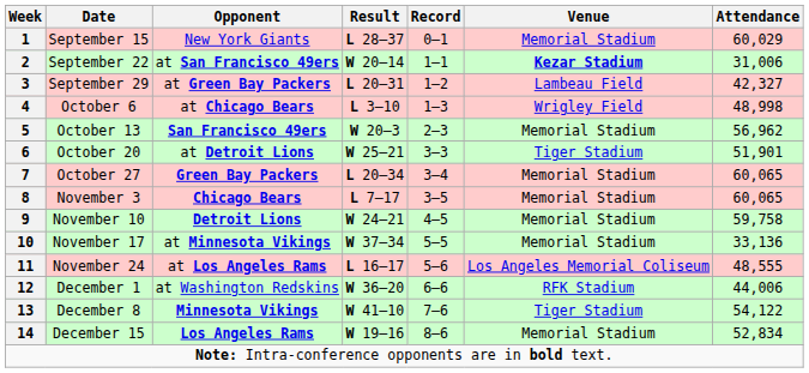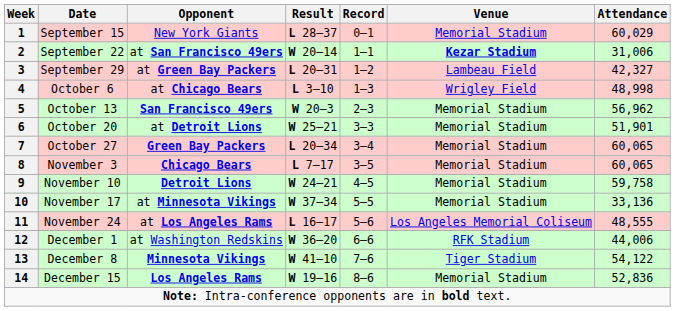 <table class="wikitable" style="text-align:center">
 <tr>
 <th>Week</th>
 <th>Date</th>
 <th>Opponent</th>
 <th>Result</th>
 <th>Record</th>
 <th>Venue</th>
 <th>Attendance</th>
 </tr>
 <tr style="background:#fcc">
 <th>1</th>
 <td>September 15</td>
 <td><a href='#'>New York Giants</a></td>
 <td><strong>L</strong> 28–37</td>
 <td>0–1</td>
 <td><a href='#'>Memorial Stadium</a></td>
 <td>60,029</td>
 </tr>
 <tr style="background:#cfc">
 <th>2</th>
 <td>September 22</td>
 <td>at <strong><a href='#'>San Francisco 49ers</a></strong></td>
 <td><strong>W</strong> 20–14</td>
 <td>1–1</td>
 <td><strong><a href='#'>Kezar Stadium</a></strong></td>
 <td>31,006</td>
 </tr>
 <tr style="background:#fcc">
 <th>3</th>
 <td>September 29</td>
 <td>at <strong><a href='#'>Green Bay Packers</a></strong></td>
 <td><strong>L</strong> 20–31</td>
 <td>1–2</td>
 <td><a href='#'>Lambeau Field</a></td>
 <td>42,327</td>
 </tr>
 <tr style="background:#fcc">
 <th>4</th>
 <td>October 6</td>
 <td>at <strong><a href='#'>Chicago Bears</a></strong></td>
 <td><strong>L</strong> 3–10</td>
 <td>1–3</td>
 <td><a href='#'>Wrigley Field</a></td>
 <td>48,998</td>
 </tr>
 <tr style="background:#cfc">
 <th>5</th>
 <td>October 13</td>
 <td><strong><a href='#'>San Francisco 49ers</a></strong></td>
 <td><strong>W</strong> 20–3</td>
 <td>2–3</td>
 <td>Memorial Stadium</td>
 <td>56,962</td>
 </tr>
 <tr style="background:#cfc">
 <th>6</th>
 <td>October 20</td>
 <td>at <strong><a href='#'>Detroit Lions</a></strong></td>
 <td><strong>W</strong> 25–21</td>
 <td>3–3</td>
-<td><a href='#'>Tiger Stadium</a></td>
+<td>Memorial Stadium</td>
 <td>51,901</td>
 </tr>
 <tr style="background:#fcc">
 <th>7</th>
 <td>October 27</td>
 <td><strong><a href='#'>Green Bay Packers</a></strong></td>
 <td><strong>L</strong> 20–34</td>
 <td>3–4</td>
 <td>Memorial Stadium</td>
 <td>60,065</td>
 </tr>
 <tr style="background:#fcc">
 <th>8</th>
 <td>November 3</td>
 <td><strong><a href='#'>Chicago Bears</a></strong></td>
 <td><strong>L</strong> 7–17</td>
 <td>3–5</td>
 <td>Memorial Stadium</td>
 <td>60,065</td>
 </tr>
 <tr style="background:#cfc">
 <th>9</th>
 <td>November 10</td>
 <td><strong><a href='#'>Detroit Lions</a></strong></td>
 <td><strong>W</strong> 24–21</td>
 <td>4–5</td>
 <td>Memorial Stadium</td>
 <td>59,758</td>
 </tr>
 <tr style="background:#cfc">
 <th>10</th>
 <td>November 17</td>
 <td>at <strong><a href='#'>Minnesota Vikings</a></strong></td>
 <td><strong>W</strong> 37–34</td>
 <td>5–5</td>
 <td>Memorial Stadium</td>
 <td>33,136</td>
 </tr>
 <tr style="background:#fcc">
 <th>11</th>
 <td>November 24</td>
 <td>at <strong><a href='#'>Los Angeles Rams</a></strong></td>
 <td><strong>L</strong> 16–17</td>
 <td>5–6</td>
 <td><a href='#'>Los Angeles Memorial Coliseum</a></td>
 <td>48,555</td>
 </tr>
 <tr style="background:#cfc">
 <th>12</th>
 <td>December 1</td>
 <td>at <a href='#'>Washington Redskins</a></td>
 <td><strong>W</strong> 36–20</td>
 <td>6–6</td>
 <td><a href='#'>RFK Stadium</a></td>
 <td>44,006</td>
 </tr>
 <tr style="background:#cfc">
 <th>13</th>
 <td>December 8</td>
 <td><strong><a href='#'>Minnesota Vikings</a></strong></td>
 <td><strong>W</strong> 41–10</td>
 <td>7–6</td>
 <td><a href='#'>Tiger Stadium</a></td>
 <td>54,122</td>
 </tr>
 <tr style="background:#cfc">
 <th>14</th>
 <td>December 15</td>
 <td><strong><a href='#'>Los Angeles Rams</a></strong></td>
 <td><strong>W</strong> 19–16</td>
 <td>8–6</td>
 <td>Memorial Stadium</td>
-<td>52,834</td>
+<td>52,836</td>
 </tr>
 <tr>
 <td colspan="8"><strong>Note:</strong> Intra-conference opponents are in <strong>bold</strong> text.</td>
 </tr>
 </table>
